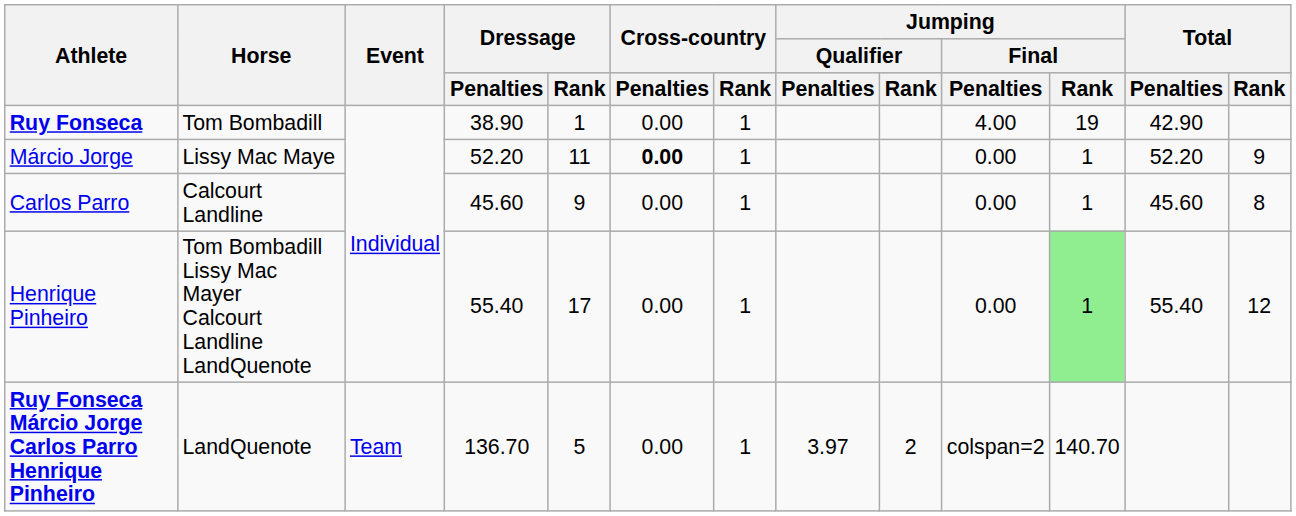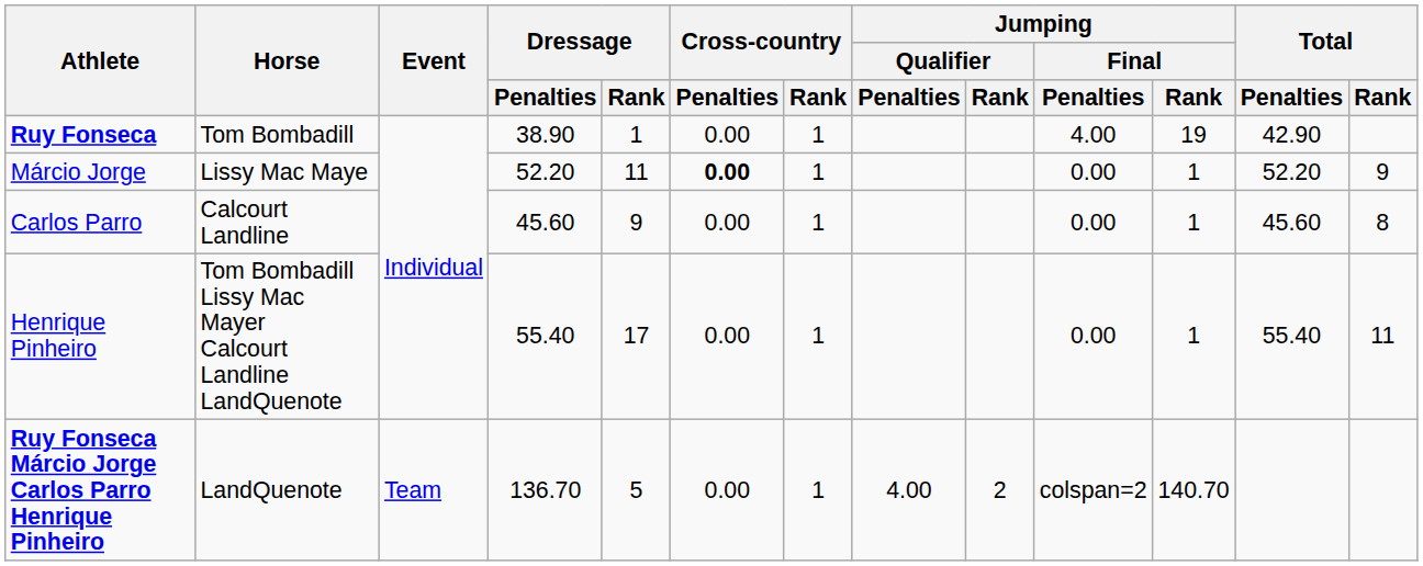 <table class="wikitable" style="font-size:90%">
 <tr>
 <th rowspan=3>Athlete</th>
 <th rowspan=3>Horse</th>
 <th rowspan=3>Event</th>
 <th colspan=2 rowspan=2>Dressage</th>
 <th colspan=2 rowspan=2>Cross-country</th>
 <th colspan=4>Jumping</th>
 <th colspan=2 rowspan=2>Total</th>
 </tr>
 <tr>
 <th colspan=2>Qualifier</th>
 <th colspan=2>Final</th>
 </tr>
 <tr>
 <th>Penalties</th>
 <th>Rank</th>
 <th>Penalties</th>
 <th>Rank</th>
 <th>Penalties</th>
 <th>Rank</th>
 <th>Penalties</th>
 <th>Rank</th>
 <th>Penalties</th>
 <th>Rank</th>
 </tr>
 <tr>
 <td><strong><a href='#'>Ruy Fonseca</a></strong></td>
 <td>Tom Bombadill</td>
 <td rowspan=4><a href='#'>Individual</a></td>
 <td align=center>38.90</td>
 <td align=center>1</td>
 <td align=center>0.00</td>
 <td align=center>1</td>
 <td align=center></td>
 <td align=center></td>
 <td align=center>4.00</td>
 <td align=center>19</td>
 <td align=center>42.90</td>
 <td align=center></td>
 </tr>
 <tr>
 <td><a href='#'>Márcio Jorge</a></td>
 <td>Lissy Mac Maye</td>
 <td align=center>52.20</td>
 <td align=center>11</td>
 <td align=center><strong>0.00</strong></td>
 <td align=center>1</td>
 <td align=center></td>
 <td align=center></td>
 <td align=center>0.00</td>
 <td align=center>1</td>
 <td align=center>52.20</td>
 <td align=center>9</td>
 </tr>
 <tr>
 <td><a href='#'>Carlos Parro</a></td>
 <td>Calcourt Landline</td>
 <td align=center>45.60</td>
 <td align=center>9</td>
 <td align=center>0.00</td>
 <td align=center>1</td>
 <td align=center></td>
 <td align=center></td>
 <td align=center>0.00</td>
 <td align=center>1</td>
 <td align=center>45.60</td>
 <td align=center>8</td>
 </tr>
 <tr>
 <td><a href='#'>Henrique Pinheiro</a></td>
 <td>Tom Bombadill<br>Lissy Mac Mayer<br>Calcourt Landline<br>LandQuenote</td>
 <td align=center>55.40</td>
 <td align=center>17</td>
 <td align=center>0.00</td>
 <td align=center>1</td>
 <td align=center></td>
 <td align=center></td>
 <td align=center>0.00</td>
-<td align=center style="background: lightgreen;">1</td>
+<td align=center>1</td>
 <td align=center>55.40</td>
-<td align=center>12</td>
+<td align=center>11</td>
 </tr>
 <tr>
 <td><strong><a href='#'>Ruy Fonseca</a></strong><br><strong><a href='#'>Márcio Jorge</a></strong><br><strong><a href='#'>Carlos Parro</a></strong><br><strong><a href='#'>Henrique Pinheiro</a></strong></td>
 <td>LandQuenote</td>
 <td><a href='#'>Team</a></td>
 <td align=center>136.70</td>
 <td align=center>5</td>
 <td align=center>0.00</td>
 <td align=center>1</td>
-<td align=center>3.97</td>
+<td align=center>4.00</td>
 <td align=center>2</td>
 <td>colspan=2 </td>
 <td align=center>140.70</td>
 <td align=center></td>
 </tr>
 </table>
